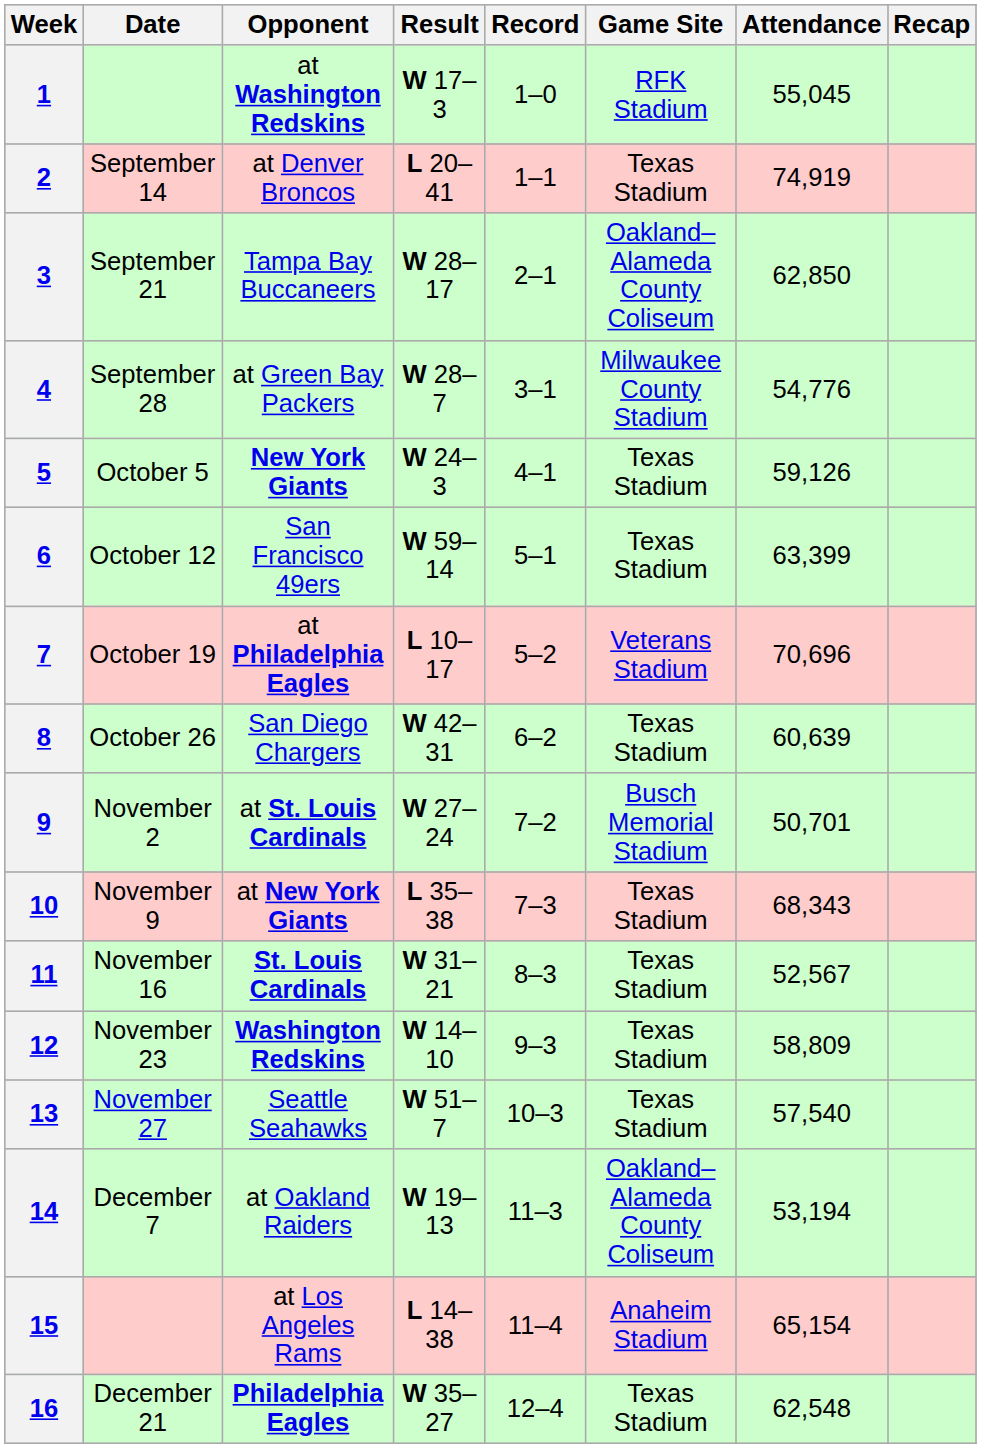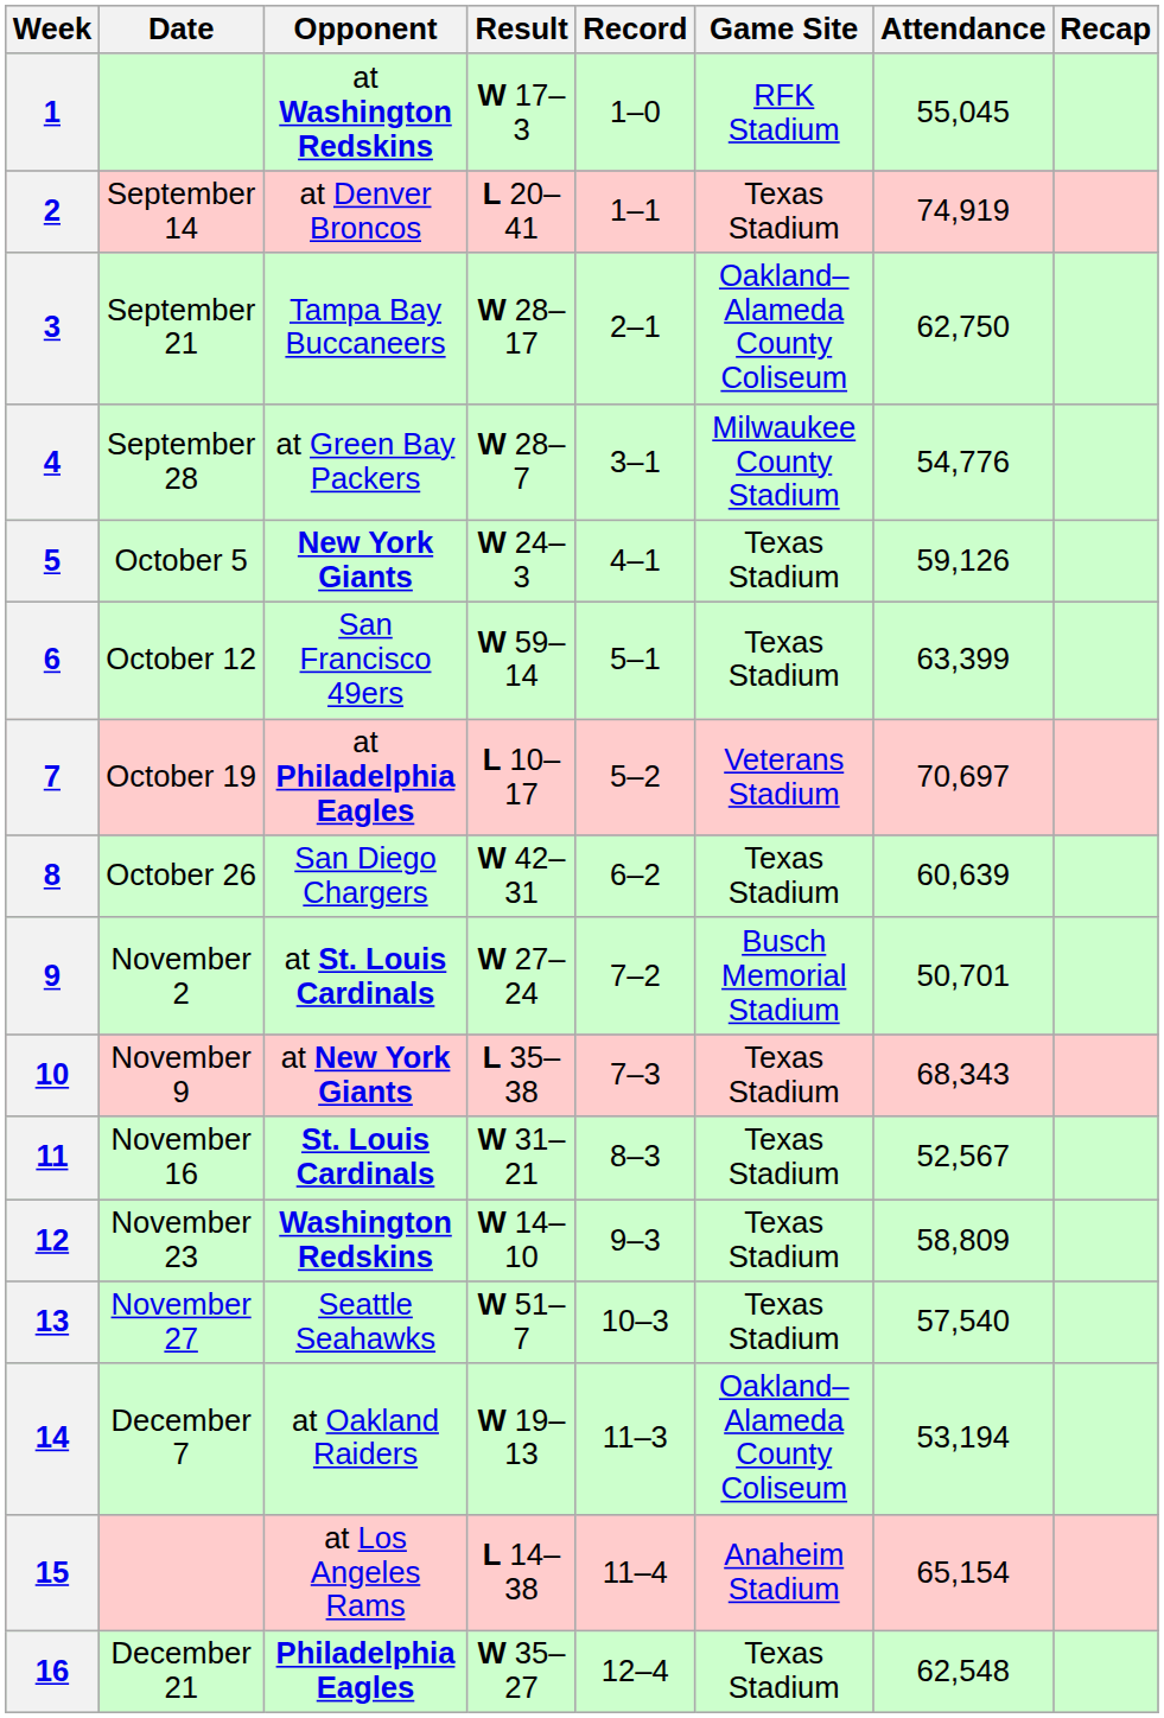 <table class="wikitable" style="text-align:center">
 <tr>
 <th>Week</th>
 <th>Date</th>
 <th>Opponent</th>
 <th>Result</th>
 <th>Record</th>
 <th>Game Site</th>
 <th>Attendance</th>
 <th>Recap</th>
 </tr>
 <tr style="background: #cfc">
 <th><a href='#'>1</a></th>
 <td></td>
 <td>at <strong><a href='#'>Washington Redskins</a></strong></td>
 <td><strong>W</strong> 17–3</td>
 <td>1–0</td>
 <td><a href='#'>RFK Stadium</a></td>
 <td>55,045</td>
 <td></td>
 </tr>
 <tr style="background: #fcc">
 <th><a href='#'>2</a></th>
 <td>September 14</td>
 <td>at <a href='#'>Denver Broncos</a></td>
 <td><strong>L</strong> 20–41</td>
 <td>1–1</td>
 <td>Texas Stadium</td>
 <td>74,919</td>
 <td></td>
 </tr>
 <tr style="background: #cfc">
 <th><a href='#'>3</a></th>
 <td>September 21</td>
 <td><a href='#'>Tampa Bay Buccaneers</a></td>
 <td><strong>W</strong> 28–17</td>
 <td>2–1</td>
 <td><a href='#'>Oakland–Alameda County Coliseum</a></td>
-<td>62,850</td>
+<td>62,750</td>
 <td></td>
 </tr>
 <tr style="background: #cfc">
 <th><a href='#'>4</a></th>
 <td>September 28</td>
 <td>at <a href='#'>Green Bay Packers</a></td>
 <td><strong>W</strong> 28–7</td>
 <td>3–1</td>
 <td><a href='#'>Milwaukee County Stadium</a></td>
 <td>54,776</td>
 <td></td>
 </tr>
 <tr style="background: #cfc">
 <th><a href='#'>5</a></th>
 <td>October 5</td>
 <td><strong><a href='#'>New York Giants</a></strong></td>
 <td><strong>W</strong> 24–3</td>
 <td>4–1</td>
 <td>Texas Stadium</td>
 <td>59,126</td>
 <td></td>
 </tr>
 <tr style="background: #cfc">
 <th><a href='#'>6</a></th>
 <td>October 12</td>
 <td><a href='#'>San Francisco 49ers</a></td>
 <td><strong>W</strong> 59–14</td>
 <td>5–1</td>
 <td>Texas Stadium</td>
 <td>63,399</td>
 <td></td>
 </tr>
 <tr style="background: #fcc">
 <th><a href='#'>7</a></th>
 <td>October 19</td>
 <td>at <strong><a href='#'>Philadelphia Eagles</a></strong></td>
 <td><strong>L</strong> 10–17</td>
 <td>5–2</td>
 <td><a href='#'>Veterans Stadium</a></td>
-<td>70,696</td>
+<td>70,697</td>
 <td></td>
 </tr>
 <tr style="background: #cfc">
 <th><a href='#'>8</a></th>
 <td>October 26</td>
 <td><a href='#'>San Diego Chargers</a></td>
 <td><strong>W</strong> 42–31</td>
 <td>6–2</td>
 <td>Texas Stadium</td>
 <td>60,639</td>
 <td></td>
 </tr>
 <tr style="background: #cfc">
 <th><a href='#'>9</a></th>
 <td>November 2</td>
 <td>at <strong><a href='#'>St. Louis Cardinals</a></strong></td>
 <td><strong>W</strong> 27–24</td>
 <td>7–2</td>
 <td><a href='#'>Busch Memorial Stadium</a></td>
 <td>50,701</td>
 <td></td>
 </tr>
 <tr style="background: #fcc">
 <th><a href='#'>10</a></th>
 <td>November 9</td>
 <td>at <strong><a href='#'>New York Giants</a></strong></td>
 <td><strong>L</strong> 35–38</td>
 <td>7–3</td>
 <td>Texas Stadium</td>
 <td>68,343</td>
 <td></td>
 </tr>
 <tr style="background: #cfc">
 <th><a href='#'>11</a></th>
 <td>November 16</td>
 <td><strong><a href='#'>St. Louis Cardinals</a></strong></td>
 <td><strong>W</strong> 31–21</td>
 <td>8–3</td>
 <td>Texas Stadium</td>
 <td>52,567</td>
 <td></td>
 </tr>
 <tr style="background: #cfc">
 <th><a href='#'>12</a></th>
 <td>November 23</td>
 <td><strong><a href='#'>Washington Redskins</a></strong></td>
 <td><strong>W</strong> 14–10</td>
 <td>9–3</td>
 <td>Texas Stadium</td>
 <td>58,809</td>
 <td></td>
 </tr>
 <tr style="background: #cfc">
 <th><a href='#'>13</a></th>
 <td><a href='#'>November 27</a></td>
 <td><a href='#'>Seattle Seahawks</a></td>
 <td><strong>W</strong> 51–7</td>
 <td>10–3</td>
 <td>Texas Stadium</td>
 <td>57,540</td>
 <td></td>
 </tr>
 <tr style="background: #cfc">
 <th><a href='#'>14</a></th>
 <td>December 7</td>
 <td>at <a href='#'>Oakland Raiders</a></td>
 <td><strong>W</strong> 19–13</td>
 <td>11–3</td>
 <td><a href='#'>Oakland–Alameda County Coliseum</a></td>
 <td>53,194</td>
 <td></td>
 </tr>
 <tr style="background: #fcc">
 <th><a href='#'>15</a></th>
 <td></td>
 <td>at <a href='#'>Los Angeles Rams</a></td>
 <td><strong>L</strong> 14–38</td>
 <td>11–4</td>
 <td><a href='#'>Anaheim Stadium</a></td>
 <td>65,154</td>
 <td></td>
 </tr>
 <tr style="background: #cfc">
 <th><a href='#'>16</a></th>
 <td>December 21</td>
 <td><strong><a href='#'>Philadelphia Eagles</a></strong></td>
 <td><strong>W</strong> 35–27</td>
 <td>12–4</td>
 <td>Texas Stadium</td>
 <td>62,548</td>
 <td></td>
 </tr>
 </table>
